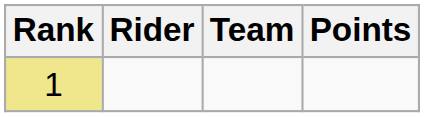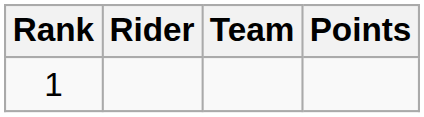 <table class="wikitable">
 <tr>
 <th scope="col">Rank</th>
 <th scope="col">Rider</th>
 <th scope="col">Team</th>
 <th scope="col">Points</th>
 </tr>
 <tr>
-<td style="background: khaki; text-align:center;">1</td>
+<td style="text-align:center;">1</td>
 <td></td>
 <td></td>
 </tr>
 </table>
